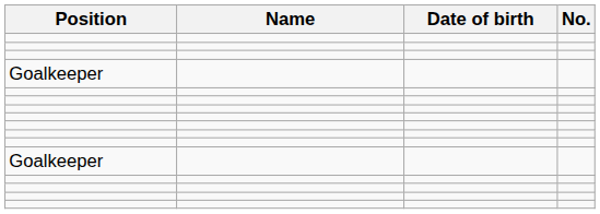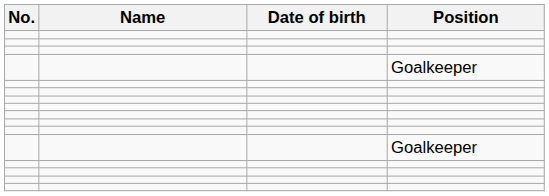 <table class="wikitable sortable" style=font-size:100%; text-align:center;>
 <tr>
-<th style=width:9em>Position</th>
+<th>No.</th>
 <th style=width:12em>Name</th>
 <th style=width:8em>Date of birth</th>
-<th>No.</th>
+<th style=width:9em>Position</th>
 </tr>
 <tr>
 <td></td>
 <td align=left></td>
 <td align=right></td>
 <td></td>
 </tr>
 <tr>
 <td></td>
 <td align=left></td>
 <td align=right></td>
 <td></td>
 </tr>
 <tr>
 <td></td>
 <td align=left></td>
 <td align=right></td>
 <td></td>
 </tr>
 <tr>
+<td></td>
+<td align=left></td>
+<td align=right></td>
 <td>Goalkeeper</td>
+</tr>
+<tr>
+<td></td>
 <td align=left></td>
 <td align=right></td>
 <td></td>
 </tr>
 <tr>
 <td></td>
 <td align=left></td>
 <td align=right></td>
 <td></td>
 </tr>
 <tr>
 <td></td>
 <td align=left></td>
 <td align=right></td>
 <td></td>
 </tr>
 <tr>
 <td></td>
 <td align=left></td>
 <td align=right></td>
 <td></td>
 </tr>
 <tr>
 <td></td>
 <td align=left></td>
 <td align=right></td>
 <td></td>
 </tr>
 <tr>
 <td></td>
 <td align=left></td>
 <td align=right></td>
 <td></td>
 </tr>
 <tr>
 <td></td>
 <td align=left></td>
 <td align=right></td>
 <td></td>
 </tr>
 <tr>
 <td></td>
 <td align=left></td>
 <td align=right></td>
-<td></td>
-</tr>
-<tr>
 <td>Goalkeeper</td>
-<td align=left></td>
-<td align=right></td>
-<td></td>
 </tr>
 <tr>
 <td></td>
 <td align=left></td>
 <td align=right></td>
 <td></td>
 </tr>
 <tr>
 <td></td>
 <td align=left></td>
 <td align=right></td>
 <td></td>
 </tr>
 <tr>
 <td></td>
 <td align=left></td>
 <td align=right></td>
 <td></td>
 </tr>
 <tr>
 <td></td>
 <td align=left></td>
 <td align=right></td>
 <td></td>
 </tr>
 </table>
